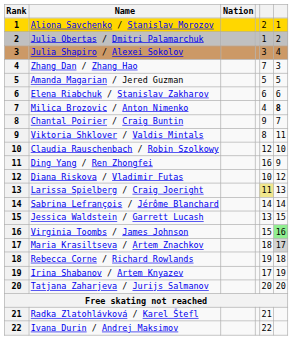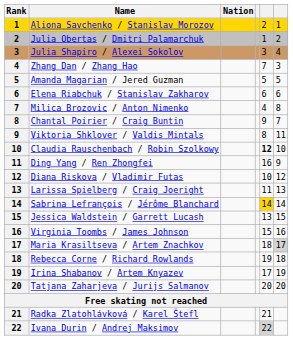 <table class="wikitable sortable">
 <tr>
 <th>Rank</th>
 <th>Name</th>
 <th>Nation</th>
 <th></th>
 <th></th>
 <th></th>
 </tr>
 <tr bgcolor=gold>
 <td align=center><strong>1</strong></td>
 <td><a href='#'>Aliona Savchenko</a> / <a href='#'>Stanislav Morozov</a></td>
 <td></td>
 <td></td>
 <td>2</td>
 <td>1</td>
 </tr>
 <tr bgcolor=silver>
 <td align=center><strong>2</strong></td>
 <td><a href='#'>Julia Obertas</a> / <a href='#'>Dmitri Palamarchuk</a></td>
 <td></td>
 <td></td>
 <td>1</td>
 <td>2</td>
 </tr>
 <tr bgcolor=cc9966>
 <td align=center><strong>3</strong></td>
 <td><a href='#'>Julia Shapiro</a> / <a href='#'>Alexei Sokolov</a></td>
 <td></td>
 <td></td>
 <td>3</td>
 <td>4</td>
 </tr>
 <tr>
 <th>4</th>
 <td><a href='#'>Zhang Dan</a> / <a href='#'>Zhang Hao</a></td>
 <td></td>
 <td></td>
 <td>7</td>
 <td>3</td>
 </tr>
 <tr>
 <th>5</th>
 <td><a href='#'>Amanda Magarian</a> / Jered Guzman</td>
 <td></td>
 <td></td>
 <td>5</td>
 <td>5</td>
 </tr>
 <tr>
 <th>6</th>
 <td><a href='#'>Elena Riabchuk</a> / <a href='#'>Stanislav Zakharov</a></td>
 <td></td>
 <td></td>
 <td>6</td>
 <td>6</td>
 </tr>
 <tr>
 <th>7</th>
 <td><a href='#'>Milica Brozovic</a> / <a href='#'>Anton Nimenko</a></td>
 <td></td>
 <td></td>
 <td>4</td>
-<td><strong>8</strong></td>
+<td>8</td>
 </tr>
 <tr>
 <th>8</th>
 <td><a href='#'>Chantal Poirier</a> / <a href='#'>Craig Buntin</a></td>
 <td></td>
 <td></td>
 <td>9</td>
 <td>7</td>
 </tr>
 <tr>
 <th>9</th>
 <td><a href='#'>Viktoria Shklover</a> / <a href='#'>Valdis Mintals</a></td>
 <td></td>
 <td></td>
 <td>8</td>
 <td>11</td>
 </tr>
 <tr>
 <th>10</th>
 <td><a href='#'>Claudia Rauschenbach</a> / <a href='#'>Robin Szolkowy</a></td>
 <td></td>
 <td></td>
-<td>12</td>
+<td><strong>12</strong></td>
 <td>10</td>
 </tr>
 <tr>
 <th>11</th>
 <td><a href='#'>Ding Yang</a> / <a href='#'>Ren Zhongfei</a></td>
 <td></td>
 <td></td>
 <td>16</td>
 <td>9</td>
 </tr>
 <tr>
 <th>12</th>
 <td><a href='#'>Diana Riskova</a> / <a href='#'>Vladimir Futas</a></td>
 <td></td>
 <td></td>
 <td>10</td>
 <td>12</td>
 </tr>
 <tr>
 <th>13</th>
 <td><a href='#'>Larissa Spielberg</a> / <a href='#'>Craig Joeright</a></td>
 <td></td>
 <td></td>
-<td style="background: khaki;">11</td>
+<td>11</td>
 <td>13</td>
 </tr>
 <tr>
 <th>14</th>
 <td><a href='#'>Sabrina Lefrançois</a> / <a href='#'>Jérôme Blanchard</a></td>
 <td></td>
 <td></td>
-<td>14</td>
+<td style="background: gold;">14</td>
 <td>14</td>
 </tr>
 <tr>
 <th>15</th>
 <td><a href='#'>Jessica Waldstein</a> / <a href='#'>Garrett Lucash</a></td>
 <td></td>
 <td></td>
 <td>13</td>
 <td>15</td>
 </tr>
 <tr>
 <th>16</th>
 <td><a href='#'>Virginia Toombs</a> / <a href='#'>James Johnson</a></td>
 <td></td>
 <td></td>
 <td>15</td>
-<td style="background: lightgreen;">16</td>
+<td>16</td>
 </tr>
 <tr>
 <th>17</th>
 <td><a href='#'>Maria Krasiltseva</a> / <a href='#'>Artem Znachkov</a></td>
 <td></td>
 <td></td>
 <td>18</td>
 <td style="background: lightgrey;">17</td>
 </tr>
 <tr>
 <th>18</th>
 <td><a href='#'>Rebecca Corne</a> / <a href='#'>Richard Rowlands</a></td>
 <td></td>
 <td></td>
 <td>19</td>
 <td>18</td>
 </tr>
 <tr>
 <th>19</th>
 <td><a href='#'>Irina Shabanov</a> / <a href='#'>Artem Knyazev</a></td>
 <td></td>
 <td></td>
 <td>17</td>
 <td>19</td>
 </tr>
 <tr>
 <th>20</th>
 <td><a href='#'>Tatjana Zaharjeva</a> / <a href='#'>Jurijs Salmanov</a></td>
 <td></td>
 <td></td>
 <td>20</td>
 <td>20</td>
 </tr>
 <tr>
 <th colspan=6>Free skating not reached</th>
 </tr>
 <tr>
 <th>21</th>
 <td><a href='#'>Radka Zlatohlávková</a> / <a href='#'>Karel Štefl</a></td>
 <td></td>
 <td></td>
 <td>21</td>
 <td></td>
 </tr>
 <tr>
 <th>22</th>
 <td><a href='#'>Ivana Durin</a> / <a href='#'>Andrej Maksimov</a></td>
 <td></td>
 <td></td>
-<td>22</td>
+<td style="background: lightgrey;">22</td>
 <td></td>
 </tr>
 </table>
